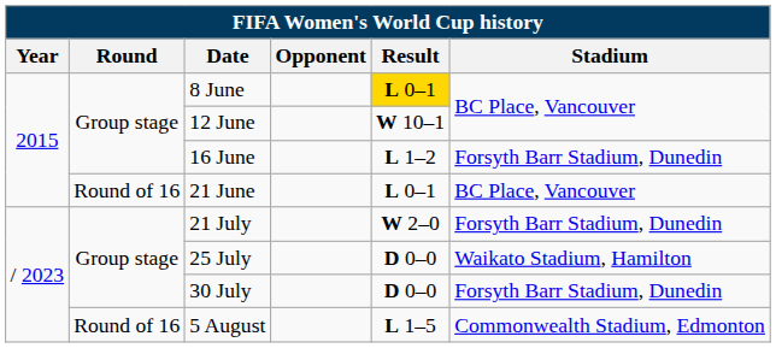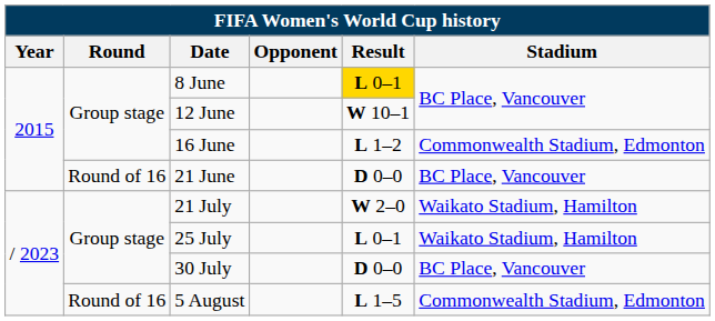 <table class="wikitable" style="text-align: center;font-size:100%;">
 <tr>
 <th colspan=6 style="background: #013A5E; color: #FFFFFF;">FIFA Women's World Cup history</th>
 </tr>
 <tr>
 <th>Year</th>
 <th>Round</th>
 <th>Date</th>
 <th>Opponent</th>
 <th>Result</th>
 <th>Stadium</th>
 </tr>
 <tr>
 <td rowspan=4> <a href='#'>2015</a></td>
 <td rowspan=3>Group stage</td>
 <td align="left">8 June</td>
 <td align="left"></td>
 <td style="background: gold;"><strong>L</strong> 0–1</td>
 <td rowspan=2 align="left"><a href='#'>BC Place</a>, <a href='#'>Vancouver</a></td>
 </tr>
 <tr>
 <td align="left">12 June</td>
 <td align="left"></td>
 <td><strong>W</strong> 10–1</td>
 </tr>
 <tr>
 <td align="left">16 June</td>
 <td align="left"></td>
 <td><strong>L</strong> 1–2</td>
-<td align="left"><a href='#'>Forsyth Barr Stadium</a>, <a href='#'>Dunedin</a></td>
+<td align="left"><a href='#'>Commonwealth Stadium</a>, <a href='#'>Edmonton</a></td>
 </tr>
 <tr>
 <td>Round of 16</td>
 <td align="left">21 June</td>
 <td align="left"></td>
-<td><strong>L</strong> 0–1</td>
+<td><strong>D</strong> 0–0</td>
 <td align="left"><a href='#'>BC Place</a>, <a href='#'>Vancouver</a></td>
 </tr>
 <tr>
 <td rowspan=4>/ <a href='#'>2023</a></td>
 <td rowspan=3>Group stage</td>
 <td align="left">21 July</td>
 <td align="left"></td>
 <td><strong>W</strong> 2–0</td>
-<td align="left"><a href='#'>Forsyth Barr Stadium</a>, <a href='#'>Dunedin</a></td>
+<td align="left"><a href='#'>Waikato Stadium</a>, <a href='#'>Hamilton</a></td>
 </tr>
 <tr>
 <td align="left">25 July</td>
 <td align="left"></td>
-<td><strong>D</strong> 0–0</td>
+<td><strong>L</strong> 0–1</td>
 <td align="left"><a href='#'>Waikato Stadium</a>, <a href='#'>Hamilton</a></td>
 </tr>
 <tr>
 <td align="left">30 July</td>
 <td align="left"></td>
 <td><strong>D</strong> 0–0</td>
-<td align="left"><a href='#'>Forsyth Barr Stadium</a>, <a href='#'>Dunedin</a></td>
+<td align="left"><a href='#'>BC Place</a>, <a href='#'>Vancouver</a></td>
 </tr>
 <tr>
 <td>Round of 16</td>
 <td align="left">5 August</td>
 <td align="left"></td>
 <td><strong>L</strong> 1–5</td>
 <td align="left"><a href='#'>Commonwealth Stadium</a>, <a href='#'>Edmonton</a></td>
 </tr>
 </table>
